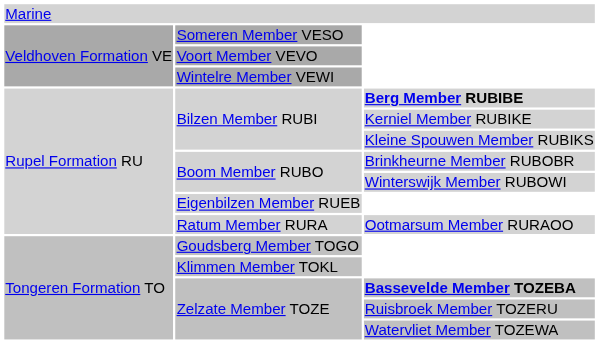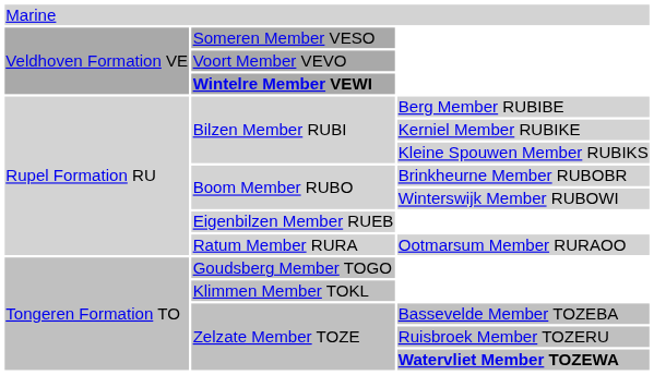 <table class="toccolours" style="float:right; margin-left: 1em; margin-bottom: 1em; font-size: 85%;">
 <tr>
 <td bgcolor="Lightgrey" colspan="3"><a href='#'>Marine</a></td>
 </tr>
 <tr>
 <td rowspan="3" bgcolor="Darkgray"><a href='#'>Veldhoven Formation</a> VE</td>
 <td bgcolor="Darkgray"><a href='#'>Someren Member</a> VESO</td>
 </tr>
 <tr>
 <td bgcolor="Darkgray"><a href='#'>Voort Member</a> VEVO</td>
 </tr>
 <tr>
-<td bgcolor="Darkgray"><a href='#'>Wintelre Member</a> VEWI</td>
+<td bgcolor="Darkgray"><strong><a href='#'>Wintelre Member</a> VEWI</strong></td>
 </tr>
 <tr>
 <td rowspan="7" bgcolor="Lightgrey"><a href='#'>Rupel Formation</a> RU</td>
 <td rowspan="3" bgcolor="Lightgrey"><a href='#'>Bilzen Member</a> RUBI</td>
-<td bgcolor="Lightgrey"><strong><a href='#'>Berg Member</a> RUBIBE</strong></td>
+<td bgcolor="Lightgrey"><a href='#'>Berg Member</a> RUBIBE</td>
 </tr>
 <tr>
 <td bgcolor="Lightgrey"><a href='#'>Kerniel Member</a> RUBIKE</td>
 </tr>
 <tr>
 <td bgcolor="Lightgrey"><a href='#'>Kleine Spouwen Member</a> RUBIKS</td>
 </tr>
 <tr>
 <td rowspan="2" bgcolor="Lightgrey"><a href='#'>Boom Member</a> RUBO</td>
 <td bgcolor="Lightgrey"><a href='#'>Brinkheurne Member</a> RUBOBR</td>
 </tr>
 <tr>
 <td bgcolor="Lightgrey"><a href='#'>Winterswijk Member</a> RUBOWI</td>
 </tr>
 <tr>
 <td bgcolor="Lightgrey"><a href='#'>Eigenbilzen Member</a> RUEB</td>
 </tr>
 <tr>
 <td bgcolor="Lightgrey"><a href='#'>Ratum Member</a> RURA</td>
 <td bgcolor="Lightgrey"><a href='#'>Ootmarsum Member</a> RURAOO</td>
 </tr>
 <tr>
 <td rowspan="5" bgcolor="Silver"><a href='#'>Tongeren Formation</a> TO</td>
 <td bgcolor="Silver"><a href='#'>Goudsberg Member</a> TOGO</td>
 </tr>
 <tr>
 <td bgcolor="Silver"><a href='#'>Klimmen Member</a> TOKL</td>
 </tr>
 <tr>
 <td rowspan="3" bgcolor="Silver"><a href='#'>Zelzate Member</a> TOZE</td>
-<td bgcolor="Silver"><strong><a href='#'>Bassevelde Member</a> TOZEBA</strong></td>
+<td bgcolor="Silver"><a href='#'>Bassevelde Member</a> TOZEBA</td>
 </tr>
 <tr>
 <td bgcolor="Silver"><a href='#'>Ruisbroek Member</a> TOZERU</td>
 </tr>
 <tr>
-<td bgcolor="Silver"><a href='#'>Watervliet Member</a> TOZEWA</td>
+<td bgcolor="Silver"><strong><a href='#'>Watervliet Member</a> TOZEWA</strong></td>
 </tr>
 </table>
